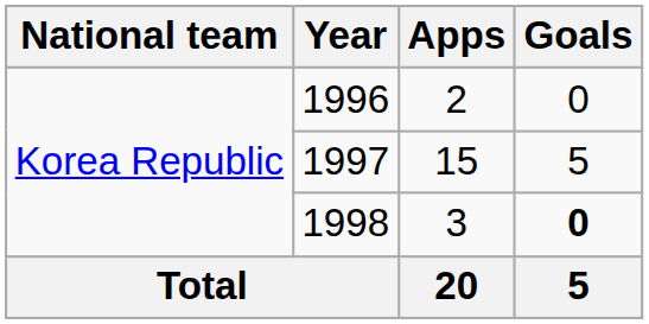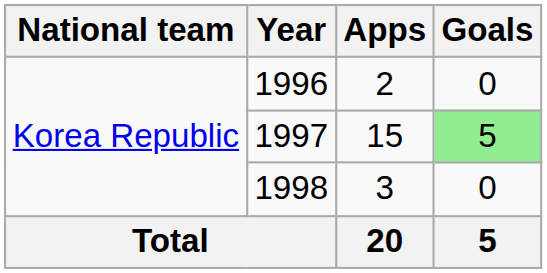 <table class="wikitable" style="text-align:center">
 <tr>
 <th>National team</th>
 <th>Year</th>
 <th>Apps</th>
 <th>Goals</th>
 </tr>
 <tr>
 <td rowspan="3"><a href='#'>Korea Republic</a></td>
 <td>1996</td>
 <td>2</td>
 <td>0</td>
 </tr>
 <tr>
 <td>1997</td>
 <td>15</td>
-<td>5</td>
+<td style="background: lightgreen;">5</td>
 </tr>
 <tr>
 <td>1998</td>
 <td>3</td>
-<td><strong>0</strong></td>
+<td>0</td>
 </tr>
 <tr>
 <th colspan="2">Total</th>
 <th>20</th>
 <th>5</th>
 </tr>
 </table>
